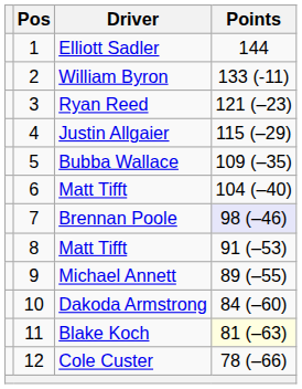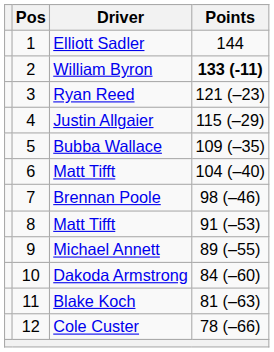 <table class="wikitable" style="font-size: 95%;">
 <tr>
 <th></th>
 <th>Pos</th>
 <th>Driver</th>
 <th>Points</th>
 </tr>
 <tr>
 <td align="left"></td>
 <td style="text-align:center;">1</td>
 <td><a href='#'>Elliott Sadler</a></td>
 <td style="text-align:center;">144</td>
 </tr>
 <tr>
 <td align="left"></td>
 <td style="text-align:center;">2</td>
 <td><a href='#'>William Byron</a></td>
-<td style="text-align:center;">133 (-11)</td>
+<td style="text-align:center;"><strong>133 (-11)</strong></td>
 </tr>
 <tr>
 <td align="left"></td>
 <td style="text-align:center;">3</td>
 <td><a href='#'>Ryan Reed</a></td>
 <td style="text-align:center;">121 (–23)</td>
 </tr>
 <tr>
 <td align="left"></td>
 <td style="text-align:center;">4</td>
 <td><a href='#'>Justin Allgaier</a></td>
 <td style="text-align:center;">115 (–29)</td>
 </tr>
 <tr>
 <td align="left"></td>
 <td style="text-align:center;">5</td>
 <td><a href='#'>Bubba Wallace</a></td>
 <td style="text-align:center;">109 (–35)</td>
 </tr>
 <tr>
 <td align="left"></td>
 <td style="text-align:center;">6</td>
 <td><a href='#'>Matt Tifft</a></td>
 <td style="text-align:center;">104 (–40)</td>
 </tr>
 <tr>
 <td align="left"></td>
 <td style="text-align:center;">7</td>
 <td><a href='#'>Brennan Poole</a></td>
-<td style="background: lavender; text-align:center;">98 (–46)</td>
+<td style="text-align:center;">98 (–46)</td>
 </tr>
 <tr>
 <td align="left"></td>
 <td style="text-align:center;">8</td>
 <td><a href='#'>Matt Tifft</a></td>
 <td style="text-align:center;">91 (–53)</td>
 </tr>
 <tr>
 <td align="left"></td>
 <td style="text-align:center;">9</td>
 <td><a href='#'>Michael Annett</a></td>
 <td style="text-align:center;">89 (–55)</td>
 </tr>
 <tr>
 <td align="left"></td>
 <td style="text-align:center;">10</td>
 <td><a href='#'>Dakoda Armstrong</a></td>
 <td style="text-align:center;">84 (–60)</td>
 </tr>
 <tr>
 <td align="left"></td>
 <td style="text-align:center;">11</td>
 <td><a href='#'>Blake Koch</a></td>
-<td style="background: lightyellow; text-align:center;">81 (–63)</td>
+<td style="text-align:center;">81 (–63)</td>
 </tr>
 <tr>
 <td align="left"></td>
 <td style="text-align:center;">12</td>
 <td><a href='#'>Cole Custer</a></td>
 <td style="text-align:center;">78 (–66)</td>
 </tr>
 <tr class="sortbottom">
 <th colspan="9"></th>
 </tr>
 </table>
